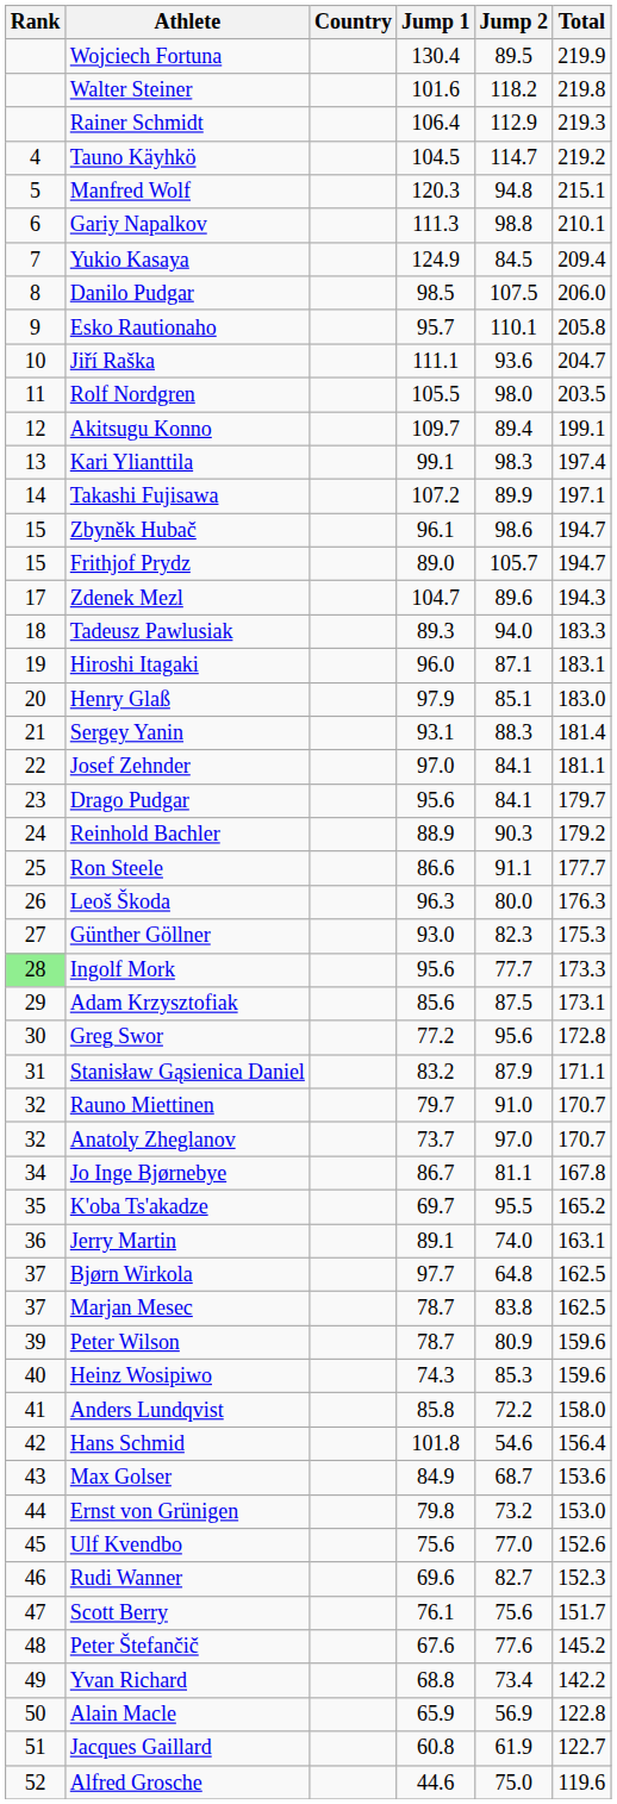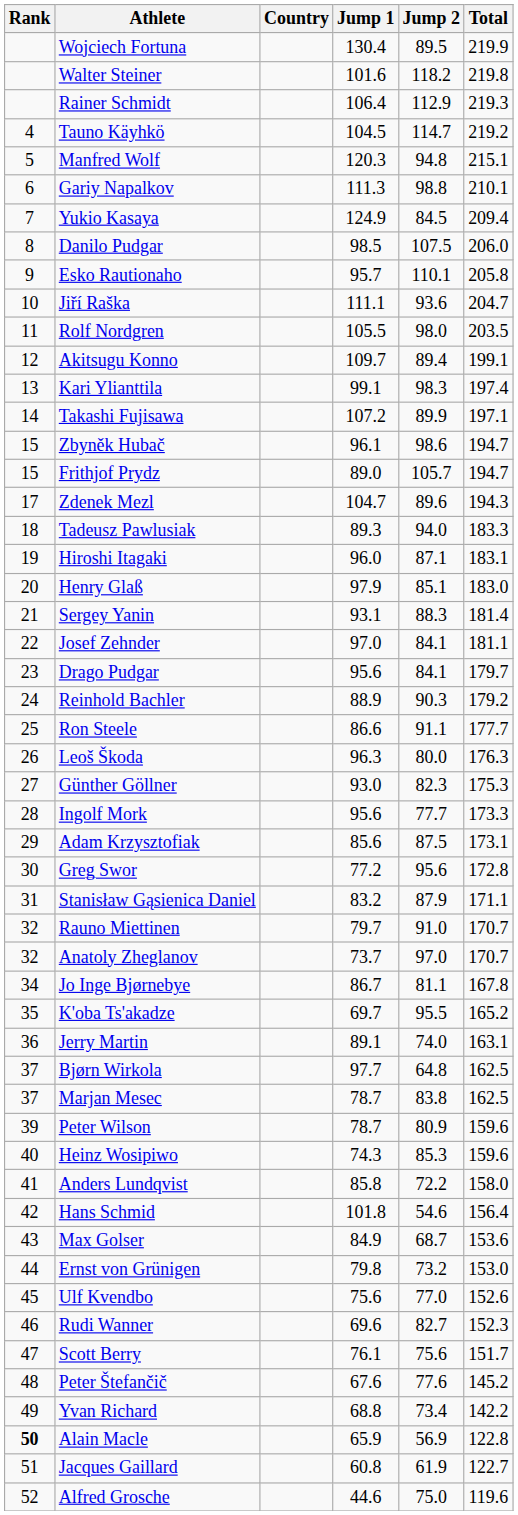 <table class="wikitable sortable" style="text-align:center">
 <tr>
 <th>Rank</th>
 <th>Athlete</th>
 <th>Country</th>
 <th>Jump 1</th>
 <th>Jump 2</th>
 <th>Total</th>
 </tr>
 <tr>
 <td></td>
 <td align=left><a href='#'>Wojciech Fortuna</a></td>
 <td align=left></td>
 <td>130.4</td>
 <td>89.5</td>
 <td>219.9</td>
 </tr>
 <tr>
 <td></td>
 <td align=left><a href='#'>Walter Steiner</a></td>
 <td align=left></td>
 <td>101.6</td>
 <td>118.2</td>
 <td>219.8</td>
 </tr>
 <tr>
 <td></td>
 <td align=left><a href='#'>Rainer Schmidt</a></td>
 <td align=left></td>
 <td>106.4</td>
 <td>112.9</td>
 <td>219.3</td>
 </tr>
 <tr>
 <td>4</td>
 <td align=left><a href='#'>Tauno Käyhkö</a></td>
 <td align=left></td>
 <td>104.5</td>
 <td>114.7</td>
 <td>219.2</td>
 </tr>
 <tr>
 <td>5</td>
 <td align=left><a href='#'>Manfred Wolf</a></td>
 <td align=left></td>
 <td>120.3</td>
 <td>94.8</td>
 <td>215.1</td>
 </tr>
 <tr>
 <td>6</td>
 <td align=left><a href='#'>Gariy Napalkov</a></td>
 <td align=left></td>
 <td>111.3</td>
 <td>98.8</td>
 <td>210.1</td>
 </tr>
 <tr>
 <td>7</td>
 <td align=left><a href='#'>Yukio Kasaya</a></td>
 <td align=left></td>
 <td>124.9</td>
 <td>84.5</td>
 <td>209.4</td>
 </tr>
 <tr>
 <td>8</td>
 <td align=left><a href='#'>Danilo Pudgar</a></td>
 <td align=left></td>
 <td>98.5</td>
 <td>107.5</td>
 <td>206.0</td>
 </tr>
 <tr>
 <td>9</td>
 <td align=left><a href='#'>Esko Rautionaho</a></td>
 <td align=left></td>
 <td>95.7</td>
 <td>110.1</td>
 <td>205.8</td>
 </tr>
 <tr>
 <td>10</td>
 <td align=left><a href='#'>Jiří Raška</a></td>
 <td align=left></td>
 <td>111.1</td>
 <td>93.6</td>
 <td>204.7</td>
 </tr>
 <tr>
 <td>11</td>
 <td align=left><a href='#'>Rolf Nordgren</a></td>
 <td align=left></td>
 <td>105.5</td>
 <td>98.0</td>
 <td>203.5</td>
 </tr>
 <tr>
 <td>12</td>
 <td align=left><a href='#'>Akitsugu Konno</a></td>
 <td align=left></td>
 <td>109.7</td>
 <td>89.4</td>
 <td>199.1</td>
 </tr>
 <tr>
 <td>13</td>
 <td align=left><a href='#'>Kari Ylianttila</a></td>
 <td align=left></td>
 <td>99.1</td>
 <td>98.3</td>
 <td>197.4</td>
 </tr>
 <tr>
 <td>14</td>
 <td align=left><a href='#'>Takashi Fujisawa</a></td>
 <td align=left></td>
 <td>107.2</td>
 <td>89.9</td>
 <td>197.1</td>
 </tr>
 <tr>
 <td>15</td>
 <td align=left><a href='#'>Zbyněk Hubač</a></td>
 <td align=left></td>
 <td>96.1</td>
 <td>98.6</td>
 <td>194.7</td>
 </tr>
 <tr>
 <td>15</td>
 <td align=left><a href='#'>Frithjof Prydz</a></td>
 <td align=left></td>
 <td>89.0</td>
 <td>105.7</td>
 <td>194.7</td>
 </tr>
 <tr>
 <td>17</td>
 <td align=left><a href='#'>Zdenek Mezl</a></td>
 <td align=left></td>
 <td>104.7</td>
 <td>89.6</td>
 <td>194.3</td>
 </tr>
 <tr>
 <td>18</td>
 <td align=left><a href='#'>Tadeusz Pawlusiak</a></td>
 <td align=left></td>
 <td>89.3</td>
 <td>94.0</td>
 <td>183.3</td>
 </tr>
 <tr>
 <td>19</td>
 <td align=left><a href='#'>Hiroshi Itagaki</a></td>
 <td align=left></td>
 <td>96.0</td>
 <td>87.1</td>
 <td>183.1</td>
 </tr>
 <tr>
 <td>20</td>
 <td align=left><a href='#'>Henry Glaß</a></td>
 <td align=left></td>
 <td>97.9</td>
 <td>85.1</td>
 <td>183.0</td>
 </tr>
 <tr>
 <td>21</td>
 <td align=left><a href='#'>Sergey Yanin</a></td>
 <td align=left></td>
 <td>93.1</td>
 <td>88.3</td>
 <td>181.4</td>
 </tr>
 <tr>
 <td>22</td>
 <td align=left><a href='#'>Josef Zehnder</a></td>
 <td align=left></td>
 <td>97.0</td>
 <td>84.1</td>
 <td>181.1</td>
 </tr>
 <tr>
 <td>23</td>
 <td align=left><a href='#'>Drago Pudgar</a></td>
 <td align=left></td>
 <td>95.6</td>
 <td>84.1</td>
 <td>179.7</td>
 </tr>
 <tr>
 <td>24</td>
 <td align=left><a href='#'>Reinhold Bachler</a></td>
 <td align=left></td>
 <td>88.9</td>
 <td>90.3</td>
 <td>179.2</td>
 </tr>
 <tr>
 <td>25</td>
 <td align=left><a href='#'>Ron Steele</a></td>
 <td align=left></td>
 <td>86.6</td>
 <td>91.1</td>
 <td>177.7</td>
 </tr>
 <tr>
 <td>26</td>
 <td align=left><a href='#'>Leoš Škoda</a></td>
 <td align=left></td>
 <td>96.3</td>
 <td>80.0</td>
 <td>176.3</td>
 </tr>
 <tr>
 <td>27</td>
 <td align=left><a href='#'>Günther Göllner</a></td>
 <td align=left></td>
 <td>93.0</td>
 <td>82.3</td>
 <td>175.3</td>
 </tr>
 <tr>
-<td style="background: lightgreen;">28</td>
+<td>28</td>
 <td align=left><a href='#'>Ingolf Mork</a></td>
 <td align=left></td>
 <td>95.6</td>
 <td>77.7</td>
 <td>173.3</td>
 </tr>
 <tr>
 <td>29</td>
 <td align=left><a href='#'>Adam Krzysztofiak</a></td>
 <td align=left></td>
 <td>85.6</td>
 <td>87.5</td>
 <td>173.1</td>
 </tr>
 <tr>
 <td>30</td>
 <td align=left><a href='#'>Greg Swor</a></td>
 <td align=left></td>
 <td>77.2</td>
 <td>95.6</td>
 <td>172.8</td>
 </tr>
 <tr>
 <td>31</td>
 <td align=left><a href='#'>Stanisław Gąsienica Daniel</a></td>
 <td align=left></td>
 <td>83.2</td>
 <td>87.9</td>
 <td>171.1</td>
 </tr>
 <tr>
 <td>32</td>
 <td align=left><a href='#'>Rauno Miettinen</a></td>
 <td align=left></td>
 <td>79.7</td>
 <td>91.0</td>
 <td>170.7</td>
 </tr>
 <tr>
 <td>32</td>
 <td align=left><a href='#'>Anatoly Zheglanov</a></td>
 <td align=left></td>
 <td>73.7</td>
 <td>97.0</td>
 <td>170.7</td>
 </tr>
 <tr>
 <td>34</td>
 <td align=left><a href='#'>Jo Inge Bjørnebye</a></td>
 <td align=left></td>
 <td>86.7</td>
 <td>81.1</td>
 <td>167.8</td>
 </tr>
 <tr>
 <td>35</td>
 <td align=left><a href='#'>K'oba Ts'akadze</a></td>
 <td align=left></td>
 <td>69.7</td>
 <td>95.5</td>
 <td>165.2</td>
 </tr>
 <tr>
 <td>36</td>
 <td align=left><a href='#'>Jerry Martin</a></td>
 <td align=left></td>
 <td>89.1</td>
 <td>74.0</td>
 <td>163.1</td>
 </tr>
 <tr>
 <td>37</td>
 <td align=left><a href='#'>Bjørn Wirkola</a></td>
 <td align=left></td>
 <td>97.7</td>
 <td>64.8</td>
 <td>162.5</td>
 </tr>
 <tr>
 <td>37</td>
 <td align=left><a href='#'>Marjan Mesec</a></td>
 <td align=left></td>
 <td>78.7</td>
 <td>83.8</td>
 <td>162.5</td>
 </tr>
 <tr>
 <td>39</td>
 <td align=left><a href='#'>Peter Wilson</a></td>
 <td align=left></td>
 <td>78.7</td>
 <td>80.9</td>
 <td>159.6</td>
 </tr>
 <tr>
 <td>40</td>
 <td align=left><a href='#'>Heinz Wosipiwo</a></td>
 <td align=left></td>
 <td>74.3</td>
 <td>85.3</td>
 <td>159.6</td>
 </tr>
 <tr>
 <td>41</td>
 <td align=left><a href='#'>Anders Lundqvist</a></td>
 <td align=left></td>
 <td>85.8</td>
 <td>72.2</td>
 <td>158.0</td>
 </tr>
 <tr>
 <td>42</td>
 <td align=left><a href='#'>Hans Schmid</a></td>
 <td align=left></td>
 <td>101.8</td>
 <td>54.6</td>
 <td>156.4</td>
 </tr>
 <tr>
 <td>43</td>
 <td align=left><a href='#'>Max Golser</a></td>
 <td align=left></td>
 <td>84.9</td>
 <td>68.7</td>
 <td>153.6</td>
 </tr>
 <tr>
 <td>44</td>
 <td align=left><a href='#'>Ernst von Grünigen</a></td>
 <td align=left></td>
 <td>79.8</td>
 <td>73.2</td>
 <td>153.0</td>
 </tr>
 <tr>
 <td>45</td>
 <td align=left><a href='#'>Ulf Kvendbo</a></td>
 <td align=left></td>
 <td>75.6</td>
 <td>77.0</td>
 <td>152.6</td>
 </tr>
 <tr>
 <td>46</td>
 <td align=left><a href='#'>Rudi Wanner</a></td>
 <td align=left></td>
 <td>69.6</td>
 <td>82.7</td>
 <td>152.3</td>
 </tr>
 <tr>
 <td>47</td>
 <td align=left><a href='#'>Scott Berry</a></td>
 <td align=left></td>
 <td>76.1</td>
 <td>75.6</td>
 <td>151.7</td>
 </tr>
 <tr>
 <td>48</td>
 <td align=left><a href='#'>Peter Štefančič</a></td>
 <td align=left></td>
 <td>67.6</td>
 <td>77.6</td>
 <td>145.2</td>
 </tr>
 <tr>
 <td>49</td>
 <td align=left><a href='#'>Yvan Richard</a></td>
 <td align=left></td>
 <td>68.8</td>
 <td>73.4</td>
 <td>142.2</td>
 </tr>
 <tr>
-<td>50</td>
+<td><strong>50</strong></td>
 <td align=left><a href='#'>Alain Macle</a></td>
 <td align=left></td>
 <td>65.9</td>
 <td>56.9</td>
 <td>122.8</td>
 </tr>
 <tr>
 <td>51</td>
 <td align=left><a href='#'>Jacques Gaillard</a></td>
 <td align=left></td>
 <td>60.8</td>
 <td>61.9</td>
 <td>122.7</td>
 </tr>
 <tr>
 <td>52</td>
 <td align=left><a href='#'>Alfred Grosche</a></td>
 <td align=left></td>
 <td>44.6</td>
 <td>75.0</td>
 <td>119.6</td>
 </tr>
 </table>
